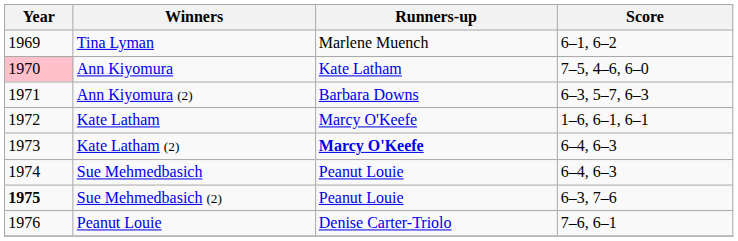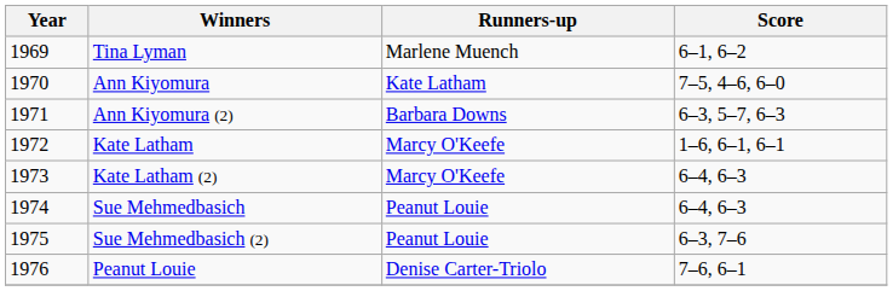 <table class="wikitable" style="font-size:98%;">
 <tr>
 <th style="width:60px;">Year</th>
 <th style="width:230px;">Winners</th>
 <th style="width:230px;">Runners-up</th>
 <th style="width:165px;">Score</th>
 </tr>
 <tr>
 <td>1969</td>
 <td> <a href='#'>Tina Lyman</a></td>
 <td>  Marlene Muench</td>
 <td>6–1, 6–2</td>
 </tr>
 <tr>
-<td style="background: pink;">1970</td>
+<td>1970</td>
 <td> <a href='#'>Ann Kiyomura</a></td>
 <td> <a href='#'>Kate Latham</a></td>
 <td>7–5, 4–6, 6–0</td>
 </tr>
 <tr>
 <td>1971</td>
 <td> <a href='#'>Ann Kiyomura</a> <small>(2)</small></td>
 <td> <a href='#'>Barbara Downs</a></td>
 <td>6–3, 5–7, 6–3</td>
 </tr>
 <tr>
 <td>1972</td>
 <td> <a href='#'>Kate Latham</a></td>
 <td> <a href='#'>Marcy O'Keefe</a></td>
 <td>1–6, 6–1, 6–1</td>
 </tr>
 <tr>
 <td>1973</td>
 <td> <a href='#'>Kate Latham</a> <small>(2)</small></td>
-<td><strong> <a href='#'>Marcy O'Keefe</a></strong></td>
+<td> <a href='#'>Marcy O'Keefe</a></td>
 <td>6–4, 6–3</td>
 </tr>
 <tr>
 <td>1974</td>
 <td>  <a href='#'>Sue Mehmedbasich</a></td>
 <td>  <a href='#'>Peanut Louie</a></td>
 <td>6–4, 6–3</td>
 </tr>
 <tr>
-<td><strong>1975</strong></td>
+<td>1975</td>
 <td>  <a href='#'>Sue Mehmedbasich</a> <small>(2)</small></td>
 <td>  <a href='#'>Peanut Louie</a></td>
 <td>6–3, 7–6</td>
 </tr>
 <tr>
 <td>1976</td>
 <td> <a href='#'>Peanut Louie</a></td>
 <td> <a href='#'>Denise Carter-Triolo</a></td>
 <td>7–6, 6–1</td>
 </tr>
 <tr>
 </tr>
 </table>
